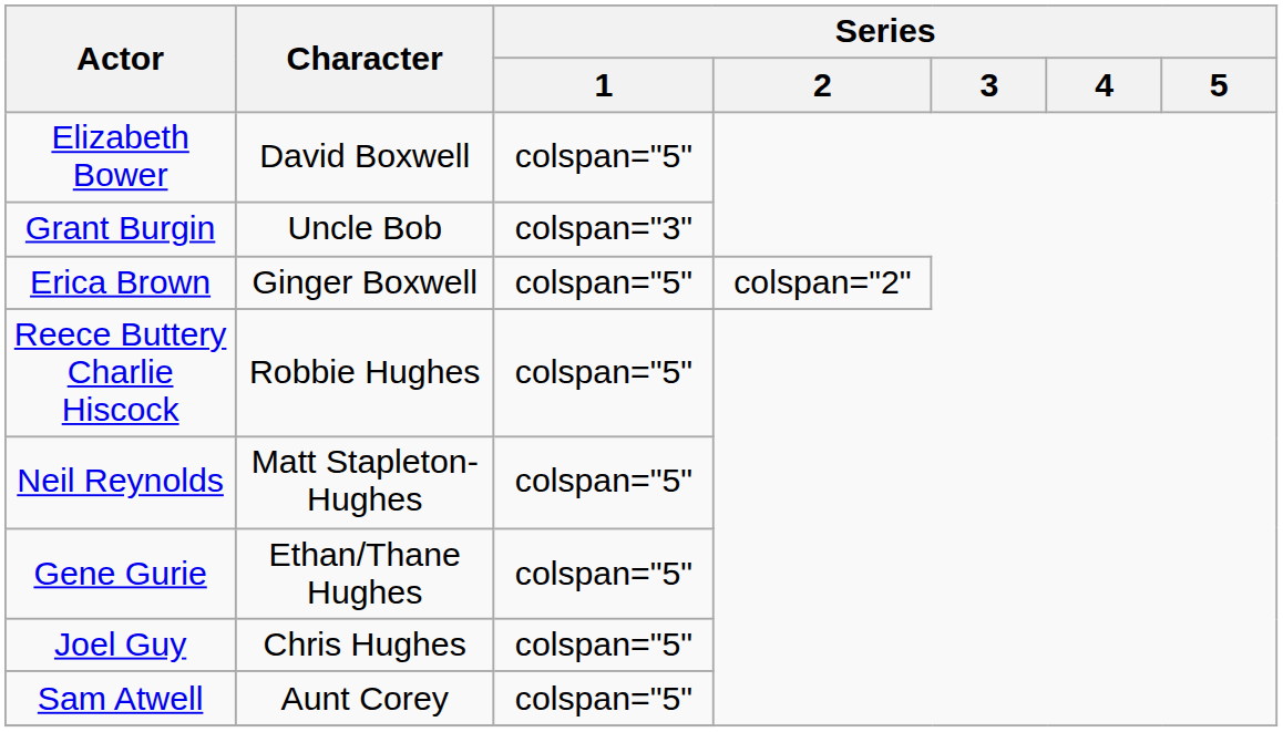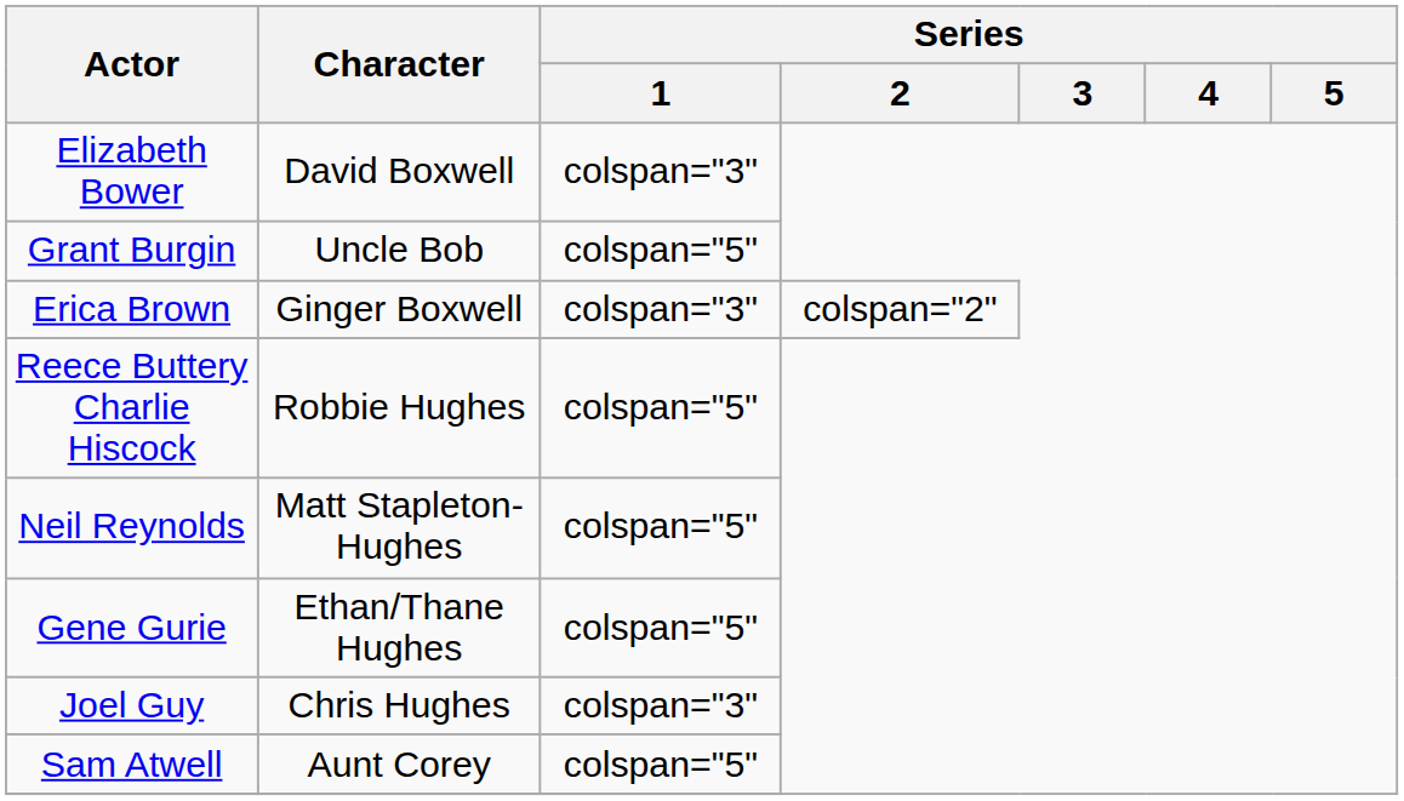 <table class="wikitable plainrowheaders" style="text-align:center">
 <tr>
 <th rowspan="2" width="14%" scope="col">Actor</th>
 <th rowspan="2" width="14%" scope="col">Character</th>
 <th colspan="5">Series</th>
 </tr>
 <tr>
 <th width="7%" scope="col">1</th>
 <th width="7%" scope="col">2</th>
 <th width="7%" scope="col">3</th>
 <th width="7%" scioe="col">4</th>
 <th width="7%" scioe="col">5</th>
 </tr>
 <tr>
 <td><a href='#'>Elizabeth Bower</a></td>
 <td>David Boxwell</td>
-<td>colspan="5" </td>
+<td>colspan="3" </td>
 </tr>
 <tr>
 <td><a href='#'>Grant Burgin</a></td>
 <td>Uncle Bob</td>
-<td>colspan="3" </td>
+<td>colspan="5" </td>
 </tr>
 <tr>
 <td><a href='#'>Erica Brown</a></td>
 <td>Ginger Boxwell</td>
-<td>colspan="5" </td>
+<td>colspan="3" </td>
 <td>colspan="2" </td>
 </tr>
 <tr>
 <td><a href='#'>Reece Buttery</a><br><a href='#'>Charlie Hiscock</a></td>
 <td>Robbie Hughes</td>
 <td>colspan="5" </td>
 </tr>
 <tr>
 <td><a href='#'>Neil Reynolds</a></td>
 <td>Matt Stapleton-Hughes</td>
 <td>colspan="5" </td>
 </tr>
 <tr>
 <td><a href='#'>Gene Gurie</a></td>
 <td>Ethan/Thane Hughes</td>
 <td>colspan="5" </td>
 </tr>
 <tr>
 <td><a href='#'>Joel Guy</a></td>
 <td>Chris Hughes</td>
-<td>colspan="5" </td>
+<td>colspan="3" </td>
 </tr>
 <tr>
 <td><a href='#'>Sam Atwell</a></td>
 <td>Aunt Corey</td>
 <td>colspan="5" </td>
 </tr>
 <tr>
 </tr>
 </table>
